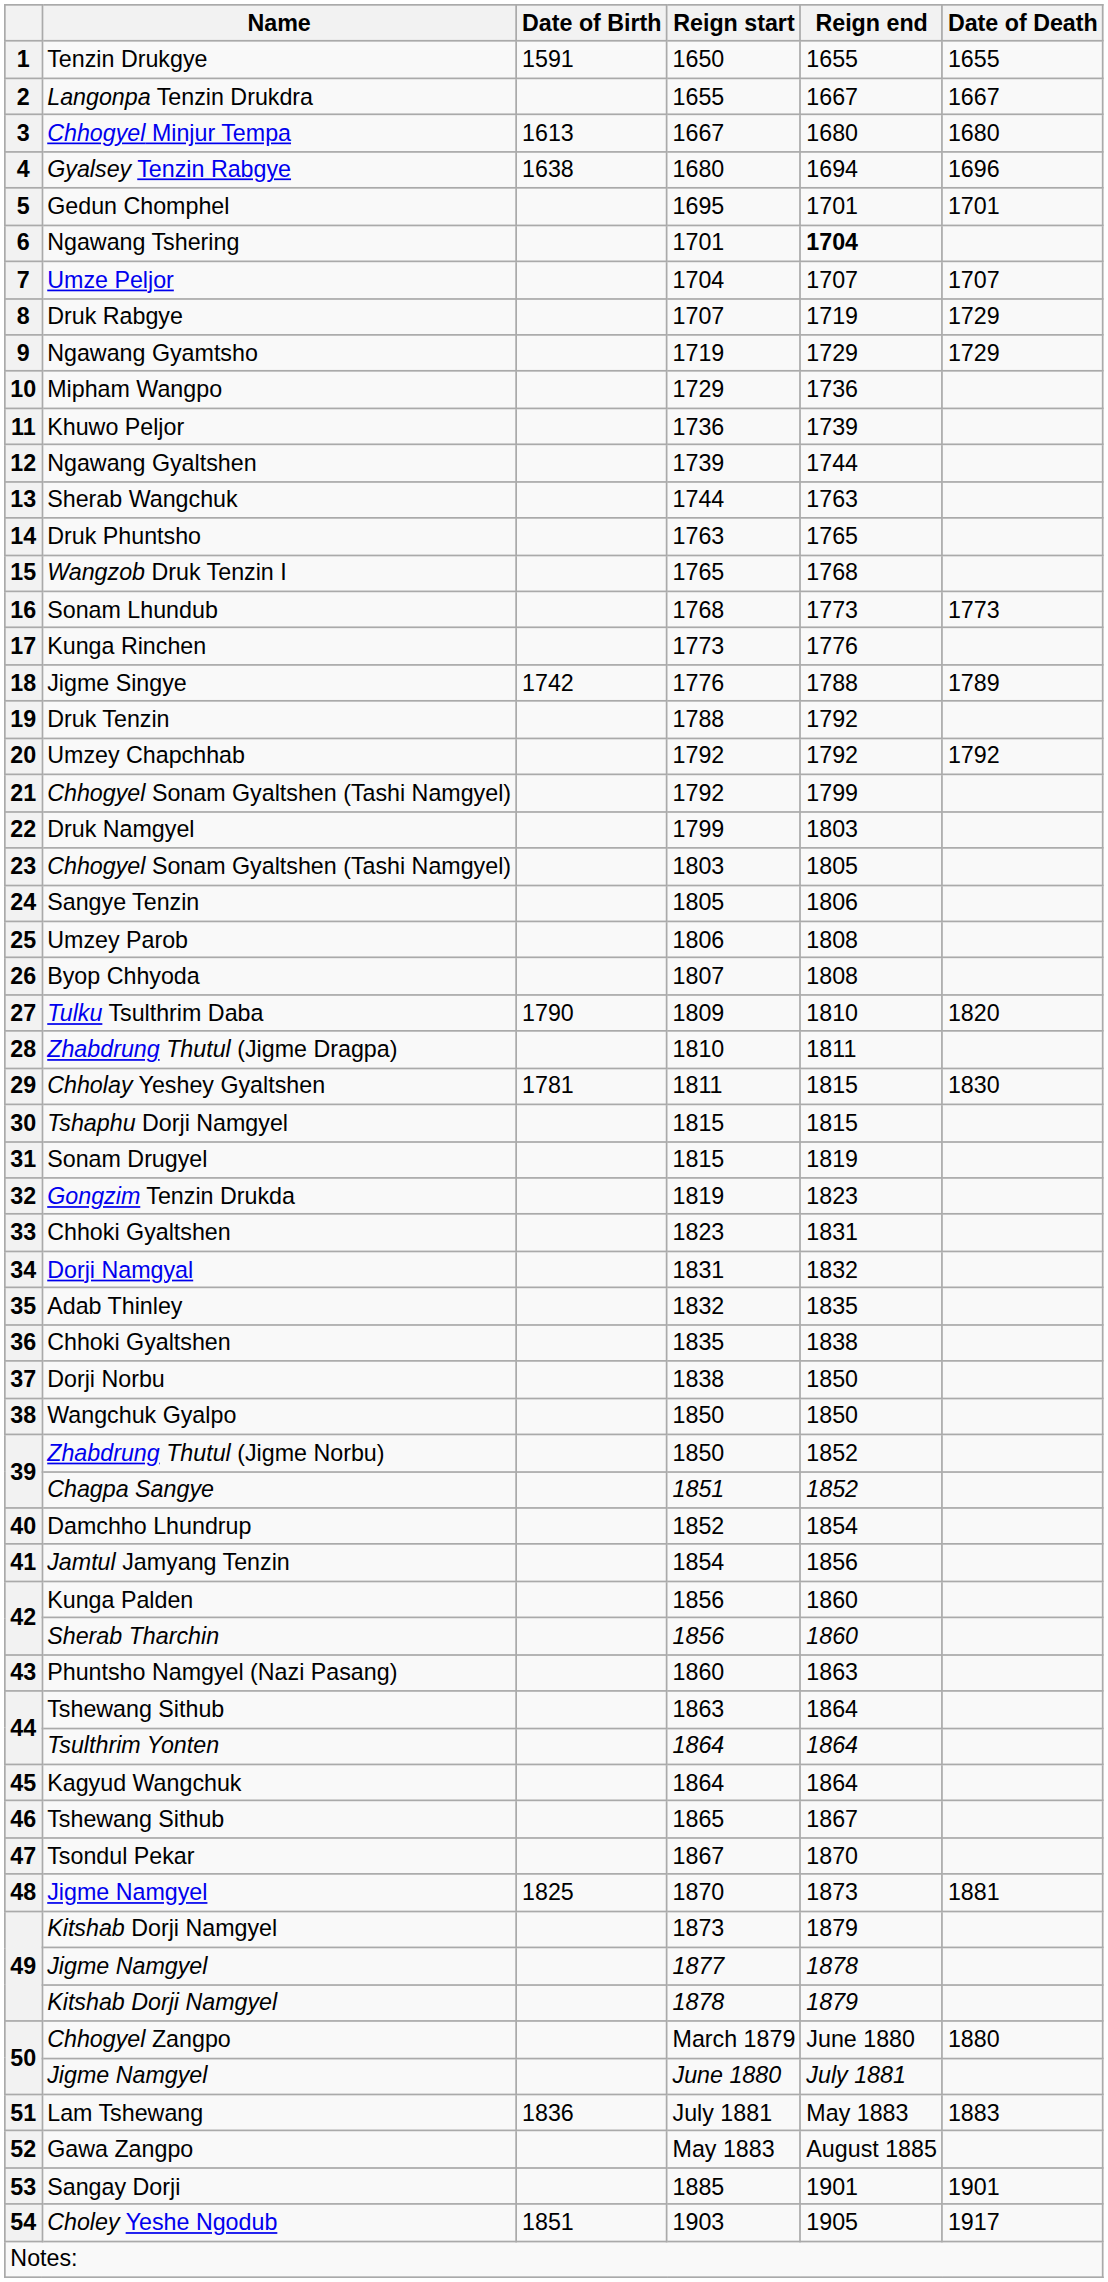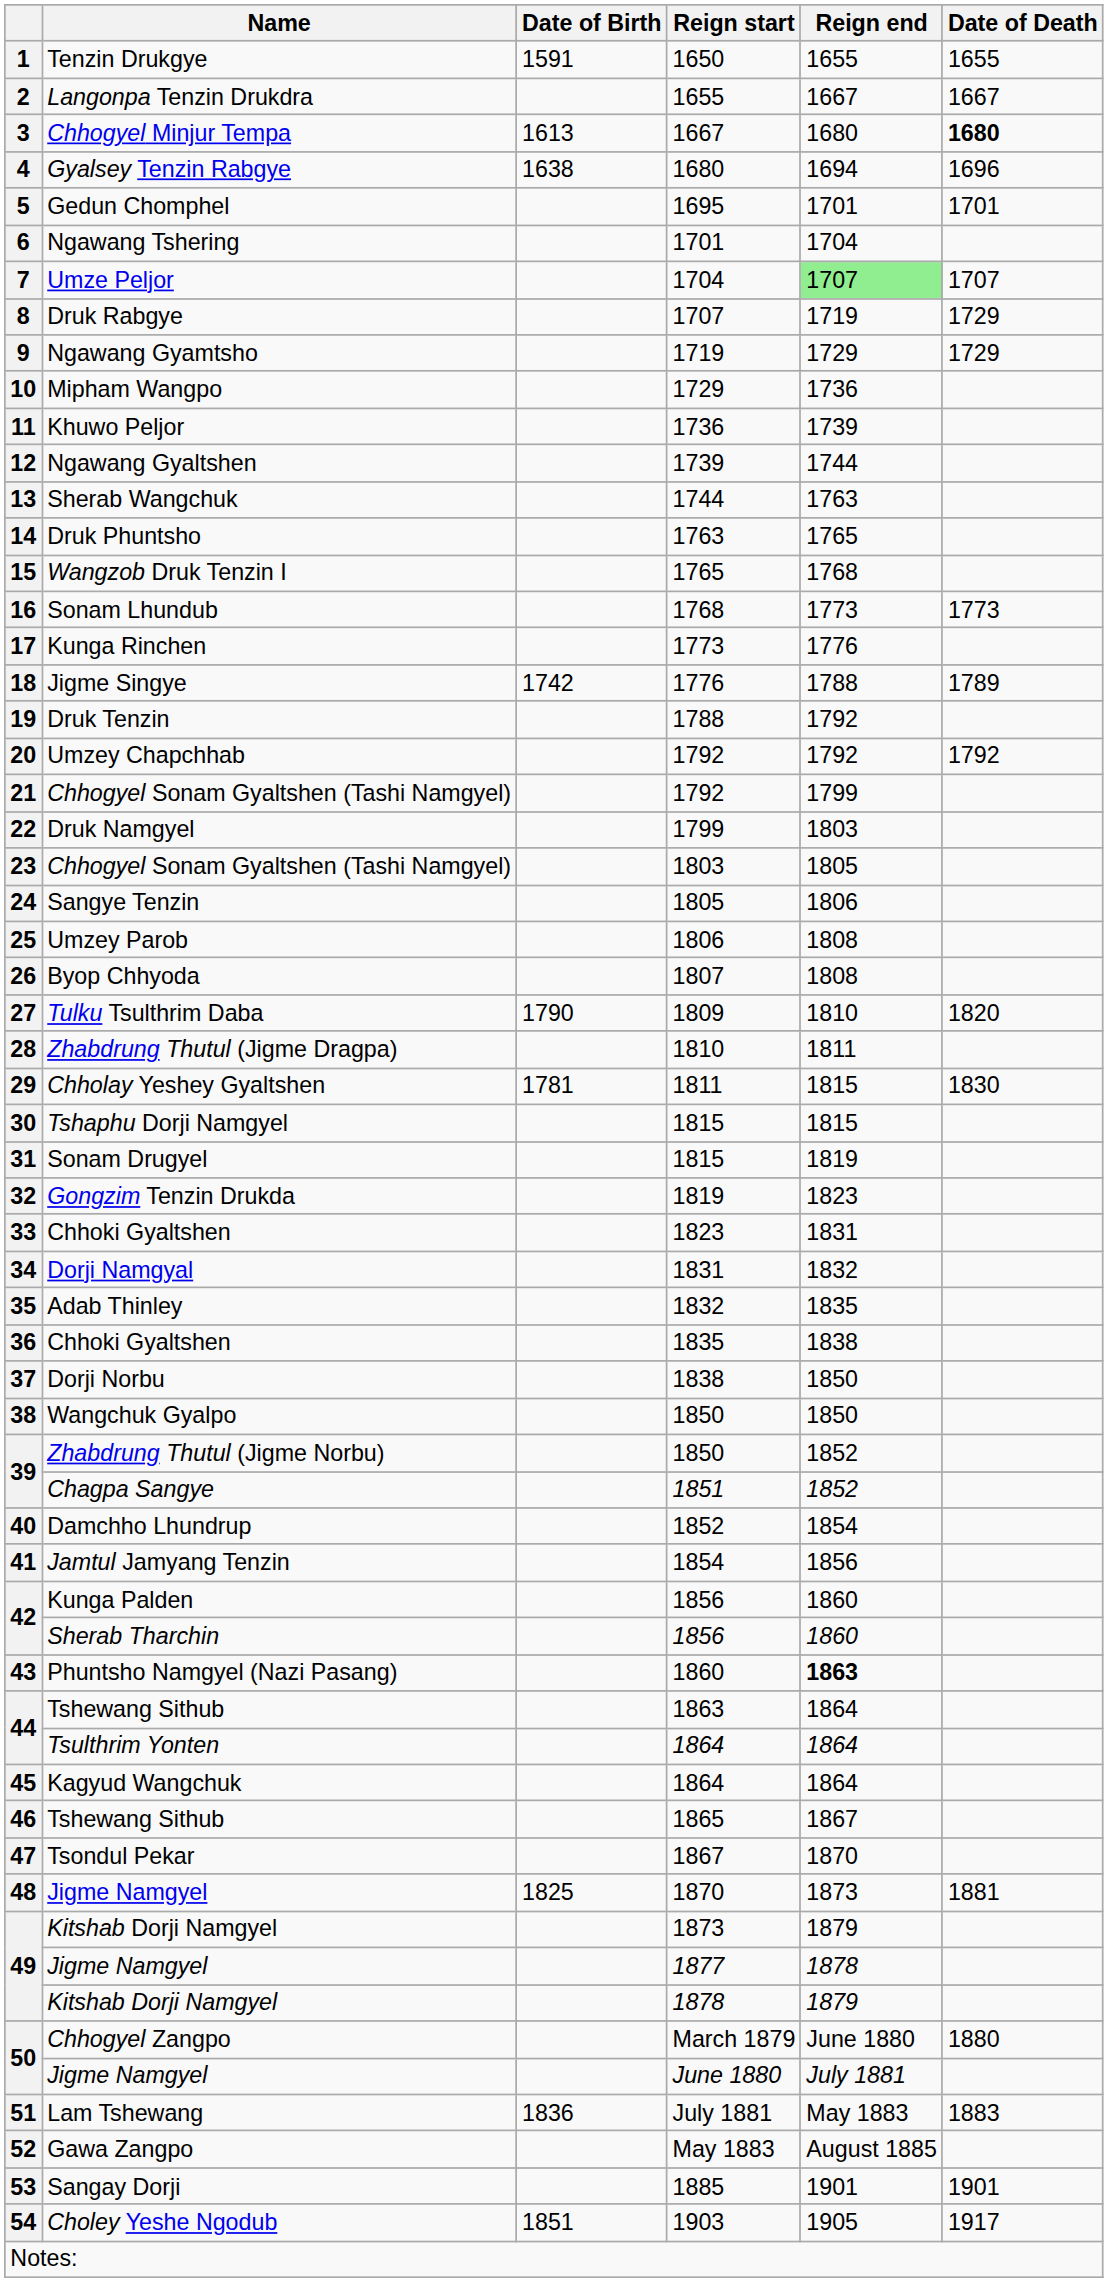 <table class=wikitable style="font-size: 85%;">
 <tr>
 <th></th>
 <th>Name</th>
 <th>Date of Birth</th>
 <th>Reign start</th>
 <th>Reign end</th>
 <th>Date of Death</th>
 </tr>
 <tr>
 <th>1</th>
 <td>Tenzin Drukgye</td>
 <td>1591</td>
 <td>1650</td>
 <td>1655</td>
 <td>1655</td>
 </tr>
 <tr>
 <th>2</th>
 <td><em>Langonpa</em> Tenzin Drukdra</td>
 <td></td>
 <td>1655</td>
 <td>1667</td>
 <td>1667</td>
 </tr>
 <tr>
 <th>3</th>
 <td><a href='#'><em>Chhogyel</em> Minjur Tempa</a></td>
 <td>1613</td>
 <td>1667</td>
 <td>1680</td>
-<td>1680</td>
+<td><strong>1680</strong></td>
 </tr>
 <tr>
 <th>4</th>
 <td><em>Gyalsey</em> <a href='#'>Tenzin Rabgye</a></td>
 <td>1638</td>
 <td>1680</td>
 <td>1694</td>
 <td>1696</td>
 </tr>
 <tr>
 <th>5</th>
 <td>Gedun Chomphel</td>
 <td></td>
 <td>1695</td>
 <td>1701</td>
 <td>1701</td>
 </tr>
 <tr>
 <th>6</th>
 <td>Ngawang Tshering</td>
 <td></td>
 <td>1701</td>
-<td><strong>1704</strong></td>
+<td>1704</td>
 <td></td>
 </tr>
 <tr>
 <th>7</th>
 <td><a href='#'>Umze Peljor</a></td>
 <td></td>
 <td>1704</td>
-<td>1707</td>
+<td style="background: lightgreen;">1707</td>
 <td>1707</td>
 </tr>
 <tr>
 <th>8</th>
 <td>Druk Rabgye</td>
 <td></td>
 <td>1707</td>
 <td>1719</td>
 <td>1729</td>
 </tr>
 <tr>
 <th>9</th>
 <td>Ngawang Gyamtsho</td>
 <td></td>
 <td>1719</td>
 <td>1729</td>
 <td>1729</td>
 </tr>
 <tr>
 <th>10</th>
 <td>Mipham Wangpo</td>
 <td></td>
 <td>1729</td>
 <td>1736</td>
 <td></td>
 </tr>
 <tr>
 <th>11</th>
 <td>Khuwo Peljor</td>
 <td></td>
 <td>1736</td>
 <td>1739</td>
 <td></td>
 </tr>
 <tr>
 <th>12</th>
 <td>Ngawang Gyaltshen</td>
 <td></td>
 <td>1739</td>
 <td>1744</td>
 <td></td>
 </tr>
 <tr>
 <th>13</th>
 <td>Sherab Wangchuk</td>
 <td></td>
 <td>1744</td>
 <td>1763</td>
 <td></td>
 </tr>
 <tr>
 <th>14</th>
 <td>Druk Phuntsho</td>
 <td></td>
 <td>1763</td>
 <td>1765</td>
 <td></td>
 </tr>
 <tr>
 <th>15</th>
 <td><em>Wangzob</em> Druk Tenzin I</td>
 <td></td>
 <td>1765</td>
 <td>1768</td>
 <td></td>
 </tr>
 <tr>
 <th>16</th>
 <td>Sonam Lhundub</td>
 <td></td>
 <td>1768</td>
 <td>1773</td>
 <td>1773</td>
 </tr>
 <tr>
 <th>17</th>
 <td>Kunga Rinchen</td>
 <td></td>
 <td>1773</td>
 <td>1776</td>
 <td></td>
 </tr>
 <tr>
 <th>18</th>
 <td>Jigme Singye</td>
 <td>1742</td>
 <td>1776</td>
 <td>1788</td>
 <td>1789</td>
 </tr>
 <tr>
 <th>19</th>
 <td>Druk Tenzin</td>
 <td></td>
 <td>1788</td>
 <td>1792</td>
 <td></td>
 </tr>
 <tr>
 <th>20</th>
 <td>Umzey Chapchhab</td>
 <td></td>
 <td>1792</td>
 <td>1792</td>
 <td>1792</td>
 </tr>
 <tr>
 <th>21</th>
 <td><em>Chhogyel</em> Sonam Gyaltshen (Tashi Namgyel)</td>
 <td></td>
 <td>1792</td>
 <td>1799</td>
 <td></td>
 </tr>
 <tr>
 <th>22</th>
 <td>Druk Namgyel</td>
 <td></td>
 <td>1799</td>
 <td>1803</td>
 <td></td>
 </tr>
 <tr>
 <th>23</th>
 <td><em>Chhogyel</em> Sonam Gyaltshen (Tashi Namgyel)<br></td>
 <td></td>
 <td>1803</td>
 <td>1805</td>
 <td></td>
 </tr>
 <tr>
 <th>24</th>
 <td>Sangye Tenzin</td>
 <td></td>
 <td>1805</td>
 <td>1806</td>
 <td></td>
 </tr>
 <tr>
 <th>25</th>
 <td>Umzey Parob</td>
 <td></td>
 <td>1806</td>
 <td>1808</td>
 <td></td>
 </tr>
 <tr>
 <th>26</th>
 <td>Byop Chhyoda</td>
 <td></td>
 <td>1807</td>
 <td>1808</td>
 <td></td>
 </tr>
 <tr>
 <th>27</th>
 <td><em><a href='#'>Tulku</a></em> Tsulthrim Daba</td>
 <td>1790</td>
 <td>1809</td>
 <td>1810</td>
 <td>1820</td>
 </tr>
 <tr>
 <th>28</th>
 <td><em><a href='#'>Zhabdrung</a> Thutul</em> (Jigme Dragpa)</td>
 <td></td>
 <td>1810</td>
 <td>1811</td>
 <td></td>
 </tr>
 <tr>
 <th>29</th>
 <td><em>Chholay</em> Yeshey Gyaltshen</td>
 <td>1781</td>
 <td>1811</td>
 <td>1815</td>
 <td>1830</td>
 </tr>
 <tr>
 <th>30</th>
 <td><em>Tshaphu</em> Dorji Namgyel</td>
 <td></td>
 <td>1815</td>
 <td>1815</td>
 <td></td>
 </tr>
 <tr>
 <th>31</th>
 <td>Sonam Drugyel</td>
 <td></td>
 <td>1815</td>
 <td>1819</td>
 <td></td>
 </tr>
 <tr>
 <th>32</th>
 <td><em><a href='#'>Gongzim</a></em> Tenzin Drukda</td>
 <td></td>
 <td>1819</td>
 <td>1823</td>
 <td></td>
 </tr>
 <tr>
 <th>33</th>
 <td>Chhoki Gyaltshen</td>
 <td></td>
 <td>1823</td>
 <td>1831</td>
 <td></td>
 </tr>
 <tr>
 <th>34</th>
 <td><a href='#'>Dorji Namgyal</a></td>
 <td></td>
 <td>1831</td>
 <td>1832</td>
 <td></td>
 </tr>
 <tr>
 <th>35</th>
 <td>Adab Thinley</td>
 <td></td>
 <td>1832</td>
 <td>1835</td>
 <td></td>
 </tr>
 <tr>
 <th>36</th>
 <td>Chhoki Gyaltshen<br></td>
 <td></td>
 <td>1835</td>
 <td>1838</td>
 <td></td>
 </tr>
 <tr>
 <th>37</th>
 <td>Dorji Norbu</td>
 <td></td>
 <td>1838</td>
 <td>1850</td>
 <td></td>
 </tr>
 <tr>
 <th>38</th>
 <td>Wangchuk Gyalpo</td>
 <td></td>
 <td>1850</td>
 <td>1850</td>
 <td></td>
 </tr>
 <tr>
 <th rowspan=2>39</th>
 <td><em><a href='#'>Zhabdrung</a> Thutul</em> (Jigme Norbu)<br></td>
 <td></td>
 <td>1850</td>
 <td>1852</td>
 <td></td>
 </tr>
 <tr>
 <td><em>Chagpa Sangye<br></em></td>
 <td></td>
 <td><em>1851</em></td>
 <td><em>1852</em></td>
 <td></td>
 </tr>
 <tr>
 <th>40</th>
 <td>Damchho Lhundrup</td>
 <td></td>
 <td>1852</td>
 <td>1854</td>
 <td></td>
 </tr>
 <tr>
 <th>41</th>
 <td><em>Jamtul</em> Jamyang Tenzin</td>
 <td></td>
 <td>1854</td>
 <td>1856</td>
 <td></td>
 </tr>
 <tr>
 <th rowspan=2>42</th>
 <td>Kunga Palden<br></td>
 <td></td>
 <td>1856</td>
 <td>1860</td>
 <td></td>
 </tr>
 <tr>
 <td><em>Sherab Tharchin<br></em></td>
 <td></td>
 <td><em>1856</em></td>
 <td><em>1860</em></td>
 <td></td>
 </tr>
 <tr>
 <th>43</th>
 <td>Phuntsho Namgyel (Nazi Pasang)</td>
 <td></td>
 <td>1860</td>
-<td>1863</td>
+<td><strong>1863</strong></td>
 <td></td>
 </tr>
 <tr>
 <th rowspan=2>44</th>
 <td>Tshewang Sithub</td>
 <td></td>
 <td>1863</td>
 <td>1864</td>
 <td></td>
 </tr>
 <tr>
 <td><em>Tsulthrim Yonten</em></td>
 <td></td>
 <td><em>1864</em></td>
 <td><em>1864</em></td>
 <td></td>
 </tr>
 <tr>
 <th>45</th>
 <td>Kagyud Wangchuk</td>
 <td></td>
 <td>1864</td>
 <td>1864</td>
 <td></td>
 </tr>
 <tr>
 <th>46</th>
 <td>Tshewang Sithub<br></td>
 <td></td>
 <td>1865</td>
 <td>1867</td>
 <td></td>
 </tr>
 <tr>
 <th>47</th>
 <td>Tsondul Pekar</td>
 <td></td>
 <td>1867</td>
 <td>1870</td>
 <td></td>
 </tr>
 <tr>
 <th>48</th>
 <td><a href='#'>Jigme Namgyel</a></td>
 <td>1825</td>
 <td>1870</td>
 <td>1873</td>
 <td>1881</td>
 </tr>
 <tr>
 <th rowspan=3>49</th>
 <td><em>Kitshab</em> Dorji Namgyel</td>
 <td></td>
 <td>1873</td>
 <td>1879</td>
 <td></td>
 </tr>
 <tr>
 <td><em>Jigme Namgyel</em><br></td>
 <td></td>
 <td><em>1877</em></td>
 <td><em>1878</em></td>
 <td></td>
 </tr>
 <tr>
 <td><em>Kitshab</em> <em>Dorji Namgyel</em><br></td>
 <td></td>
 <td><em>1878</em></td>
 <td><em>1879</em></td>
 <td></td>
 </tr>
 <tr>
 <th rowspan=2>50</th>
 <td><em>Chhogyel</em> Zangpo</td>
 <td></td>
 <td>March 1879</td>
 <td>June 1880</td>
 <td>1880</td>
 </tr>
 <tr>
 <td><em>Jigme Namgyel<br></em></td>
 <td></td>
 <td><em>June 1880</em></td>
 <td><em>July 1881</em></td>
 <td></td>
 </tr>
 <tr>
 <th>51</th>
 <td>Lam Tshewang</td>
 <td>1836</td>
 <td>July 1881</td>
 <td>May 1883</td>
 <td>1883</td>
 </tr>
 <tr>
 <th>52</th>
 <td>Gawa Zangpo</td>
 <td></td>
 <td>May 1883</td>
 <td>August 1885</td>
 <td></td>
 </tr>
 <tr>
 <th>53</th>
 <td>Sangay Dorji</td>
 <td></td>
 <td>1885</td>
 <td>1901</td>
 <td>1901</td>
 </tr>
 <tr>
 <th>54</th>
 <td><em>Choley</em> <a href='#'>Yeshe Ngodub</a></td>
 <td>1851</td>
 <td>1903</td>
 <td>1905</td>
 <td>1917</td>
 </tr>
 <tr>
 <td colspan=6>Notes:<br></td>
 </tr>
 <tr>
 </tr>
 </table>
